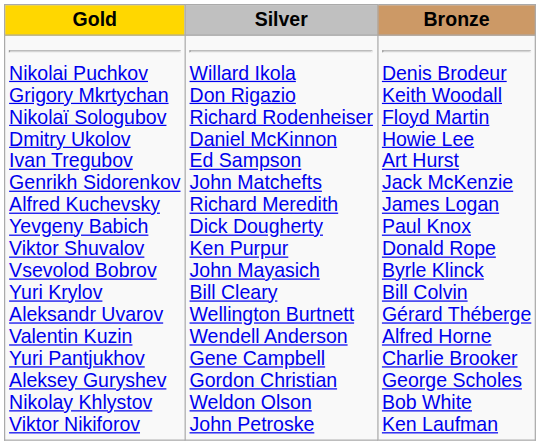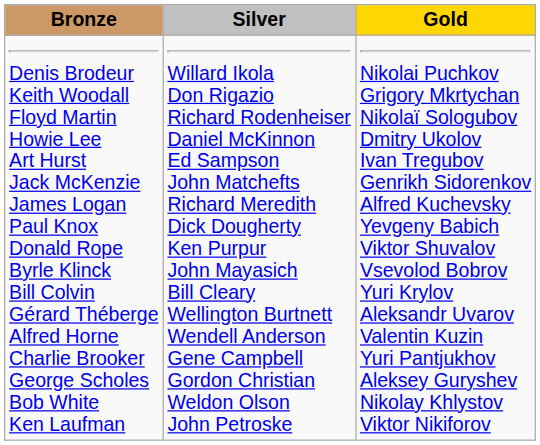 <table class="wikitable">
 <tr>
+<th style="background-color:#cc9966;">Bronze</th>
+<th style="background-color:silver;">Silver</th>
 <th style="background-color:gold;">Gold</th>
-<th style="background-color:silver;">Silver</th>
-<th style="background-color:#cc9966;">Bronze</th>
 </tr>
 <tr valign=top>
+<td><hr> <a href='#'>Denis Brodeur</a><br> <a href='#'>Keith Woodall</a><br> <a href='#'>Floyd Martin</a><br> <a href='#'>Howie Lee</a><br><a href='#'>Art Hurst</a><br> <a href='#'>Jack McKenzie</a><br> <a href='#'>James Logan</a><br> <a href='#'>Paul Knox</a><br> <a href='#'>Donald Rope</a><br> <a href='#'>Byrle Klinck</a><br> <a href='#'>Bill Colvin</a><br> <a href='#'>Gérard Théberge</a><br> <a href='#'>Alfred Horne</a><br> <a href='#'>Charlie Brooker</a><br> <a href='#'>George Scholes</a><br> <a href='#'>Bob White</a><br> <a href='#'>Ken Laufman</a></td>
+<td><hr> <a href='#'>Willard Ikola</a><br> <a href='#'>Don Rigazio</a><br> <a href='#'>Richard Rodenheiser</a><br> <a href='#'>Daniel McKinnon</a><br> <a href='#'>Ed Sampson</a><br> <a href='#'>John Matchefts</a><br> <a href='#'>Richard Meredith</a><br> <a href='#'>Dick Dougherty</a><br> <a href='#'>Ken Purpur</a><br> <a href='#'>John Mayasich</a><br> <a href='#'>Bill Cleary</a><br> <a href='#'>Wellington Burtnett</a><br> <a href='#'>Wendell Anderson</a><br> <a href='#'>Gene Campbell</a><br> <a href='#'>Gordon Christian</a><br> <a href='#'>Weldon Olson</a><br> <a href='#'>John Petroske</a></td>
 <td><hr> <a href='#'>Nikolai Puchkov</a><br> <a href='#'>Grigory Mkrtychan</a><br> <a href='#'>Nikolaï Sologubov</a><br> <a href='#'>Dmitry Ukolov</a><br> <a href='#'>Ivan Tregubov</a><br> <a href='#'>Genrikh Sidorenkov</a><br> <a href='#'>Alfred Kuchevsky</a><br> <a href='#'>Yevgeny Babich</a><br> <a href='#'>Viktor Shuvalov</a><br> <a href='#'>Vsevolod Bobrov</a><br> <a href='#'>Yuri Krylov</a><br> <a href='#'>Aleksandr Uvarov</a><br> <a href='#'>Valentin Kuzin</a><br> <a href='#'>Yuri Pantjukhov</a><br> <a href='#'>Aleksey Guryshev</a><br> <a href='#'>Nikolay Khlystov</a><br> <a href='#'>Viktor Nikiforov</a></td>
-<td><hr> <a href='#'>Willard Ikola</a><br> <a href='#'>Don Rigazio</a><br> <a href='#'>Richard Rodenheiser</a><br> <a href='#'>Daniel McKinnon</a><br> <a href='#'>Ed Sampson</a><br> <a href='#'>John Matchefts</a><br> <a href='#'>Richard Meredith</a><br> <a href='#'>Dick Dougherty</a><br> <a href='#'>Ken Purpur</a><br> <a href='#'>John Mayasich</a><br> <a href='#'>Bill Cleary</a><br> <a href='#'>Wellington Burtnett</a><br> <a href='#'>Wendell Anderson</a><br> <a href='#'>Gene Campbell</a><br> <a href='#'>Gordon Christian</a><br> <a href='#'>Weldon Olson</a><br> <a href='#'>John Petroske</a></td>
-<td><hr> <a href='#'>Denis Brodeur</a><br> <a href='#'>Keith Woodall</a><br> <a href='#'>Floyd Martin</a><br> <a href='#'>Howie Lee</a><br><a href='#'>Art Hurst</a><br> <a href='#'>Jack McKenzie</a><br> <a href='#'>James Logan</a><br> <a href='#'>Paul Knox</a><br> <a href='#'>Donald Rope</a><br> <a href='#'>Byrle Klinck</a><br> <a href='#'>Bill Colvin</a><br> <a href='#'>Gérard Théberge</a><br> <a href='#'>Alfred Horne</a><br> <a href='#'>Charlie Brooker</a><br> <a href='#'>George Scholes</a><br> <a href='#'>Bob White</a><br> <a href='#'>Ken Laufman</a></td>
 </tr>
 </table>
